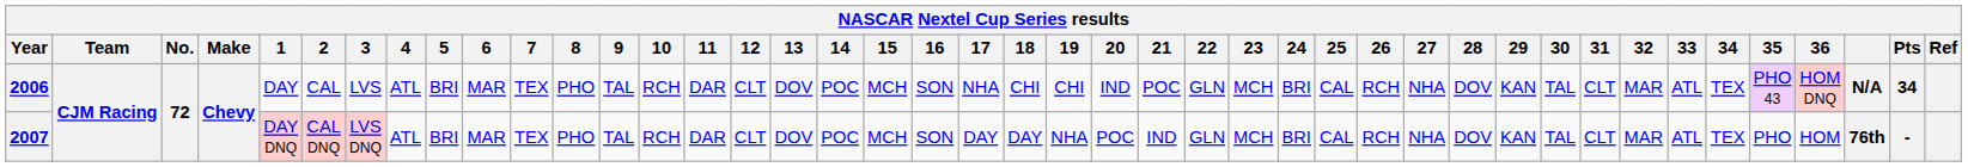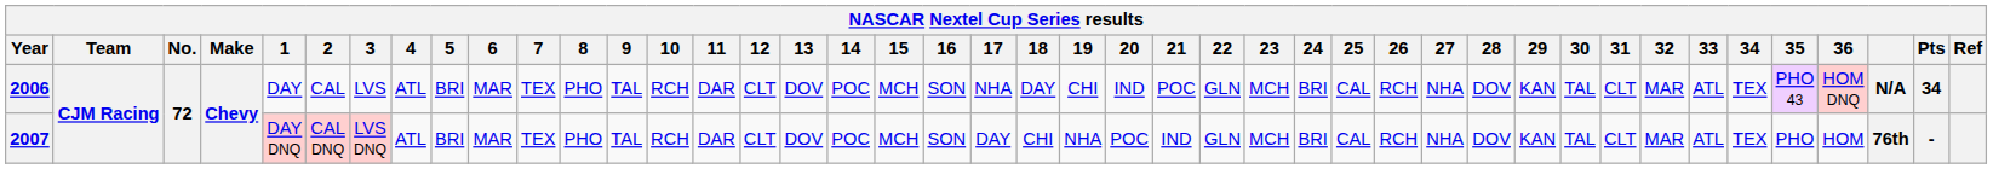 <table class="wikitable" style="text-align:center; font-size:75%">
 <tr>
 <th colspan=45><a href='#'>NASCAR</a> <a href='#'>Nextel Cup Series</a> results</th>
 </tr>
 <tr>
 <th>Year</th>
 <th>Team</th>
 <th>No.</th>
 <th>Make</th>
 <th>1</th>
 <th>2</th>
 <th>3</th>
 <th>4</th>
 <th>5</th>
 <th>6</th>
 <th>7</th>
 <th>8</th>
 <th>9</th>
 <th>10</th>
 <th>11</th>
 <th>12</th>
 <th>13</th>
 <th>14</th>
 <th>15</th>
 <th>16</th>
 <th>17</th>
 <th>18</th>
 <th>19</th>
 <th>20</th>
 <th>21</th>
 <th>22</th>
 <th>23</th>
 <th>24</th>
 <th>25</th>
 <th>26</th>
 <th>27</th>
 <th>28</th>
 <th>29</th>
 <th>30</th>
 <th>31</th>
 <th>32</th>
 <th>33</th>
 <th>34</th>
 <th>35</th>
 <th>36</th>
 <th></th>
 <th>Pts</th>
 <th>Ref</th>
 </tr>
 <tr>
 <th><a href='#'>2006</a></th>
 <th rowspan=2><a href='#'>CJM Racing</a></th>
 <th rowspan=2>72</th>
 <th rowspan=2><a href='#'>Chevy</a></th>
 <td><a href='#'>DAY</a></td>
 <td><a href='#'>CAL</a></td>
 <td><a href='#'>LVS</a></td>
 <td><a href='#'>ATL</a></td>
 <td><a href='#'>BRI</a></td>
 <td><a href='#'>MAR</a></td>
 <td><a href='#'>TEX</a></td>
 <td><a href='#'>PHO</a></td>
 <td><a href='#'>TAL</a></td>
 <td><a href='#'>RCH</a></td>
 <td><a href='#'>DAR</a></td>
 <td><a href='#'>CLT</a></td>
 <td><a href='#'>DOV</a></td>
 <td><a href='#'>POC</a></td>
 <td><a href='#'>MCH</a></td>
 <td><a href='#'>SON</a></td>
 <td><a href='#'>NHA</a></td>
-<td><a href='#'>CHI</a></td>
+<td><a href='#'>DAY</a></td>
 <td><a href='#'>CHI</a></td>
 <td><a href='#'>IND</a></td>
 <td><a href='#'>POC</a></td>
 <td><a href='#'>GLN</a></td>
 <td><a href='#'>MCH</a></td>
 <td><a href='#'>BRI</a></td>
 <td><a href='#'>CAL</a></td>
 <td><a href='#'>RCH</a></td>
 <td><a href='#'>NHA</a></td>
 <td><a href='#'>DOV</a></td>
 <td><a href='#'>KAN</a></td>
 <td><a href='#'>TAL</a></td>
 <td><a href='#'>CLT</a></td>
 <td><a href='#'>MAR</a></td>
 <td><a href='#'>ATL</a></td>
 <td><a href='#'>TEX</a></td>
 <td style="background:#EFCFFF;"><a href='#'>PHO</a><br><small>43</small></td>
 <td style="background:#FFCFCF;"><a href='#'>HOM</a><br><small>DNQ</small></td>
 <th>N/A</th>
 <th>34</th>
 <th></th>
 </tr>
 <tr>
 <th><a href='#'>2007</a></th>
 <td style="background:#FFCFCF;"><a href='#'>DAY</a><br><small>DNQ</small></td>
 <td style="background:#FFCFCF;"><a href='#'>CAL</a><br><small>DNQ</small></td>
 <td style="background:#FFCFCF;"><a href='#'>LVS</a><br><small>DNQ</small></td>
 <td><a href='#'>ATL</a></td>
 <td><a href='#'>BRI</a></td>
 <td><a href='#'>MAR</a></td>
 <td><a href='#'>TEX</a></td>
 <td><a href='#'>PHO</a></td>
 <td><a href='#'>TAL</a></td>
 <td><a href='#'>RCH</a></td>
 <td><a href='#'>DAR</a></td>
 <td><a href='#'>CLT</a></td>
 <td><a href='#'>DOV</a></td>
 <td><a href='#'>POC</a></td>
 <td><a href='#'>MCH</a></td>
 <td><a href='#'>SON</a></td>
 <td><a href='#'>DAY</a></td>
-<td><a href='#'>DAY</a></td>
+<td><a href='#'>CHI</a></td>
 <td><a href='#'>NHA</a></td>
 <td><a href='#'>POC</a></td>
 <td><a href='#'>IND</a></td>
 <td><a href='#'>GLN</a></td>
 <td><a href='#'>MCH</a></td>
 <td><a href='#'>BRI</a></td>
 <td><a href='#'>CAL</a></td>
 <td><a href='#'>RCH</a></td>
 <td><a href='#'>NHA</a></td>
 <td><a href='#'>DOV</a></td>
 <td><a href='#'>KAN</a></td>
 <td><a href='#'>TAL</a></td>
 <td><a href='#'>CLT</a></td>
 <td><a href='#'>MAR</a></td>
 <td><a href='#'>ATL</a></td>
 <td><a href='#'>TEX</a></td>
 <td><a href='#'>PHO</a></td>
 <td><a href='#'>HOM</a></td>
 <th>76th</th>
 <th>-</th>
 <th></th>
 </tr>
 </table>
